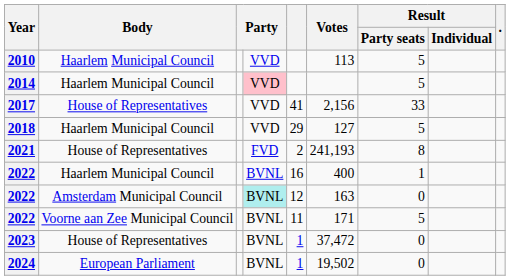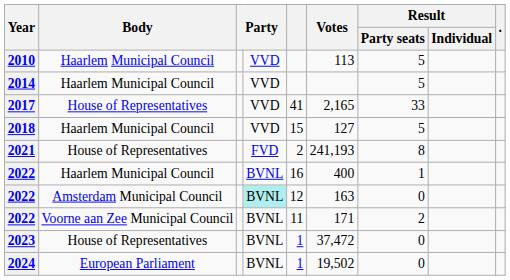 <table class="wikitable plainrowheaders sortable" border=2 cellpadding=4 cellspacing=0 style="border: 1px #aaa solid; font-size: 90%; text-align:center;">
 <tr>
 <th scope="col" rowspan=2>Year</th>
 <th scope="col" rowspan=2>Body</th>
 <th scope="col" colspan=2 rowspan=2>Party</th>
 <th scope="col" rowspan=2></th>
 <th scope="col" rowspan=2>Votes</th>
 <th scope="colgroup" colspan=2>Result</th>
 <th scope="col" rowspan=2 class="unsortable">.</th>
 </tr>
 <tr>
 <th scope="col">Party seats</th>
 <th scope="col">Individual</th>
 </tr>
 <tr>
 <th scope="row"><a href='#'>2010</a></th>
 <td><a href='#'>Haarlem</a> <a href='#'>Municipal Council</a></td>
 <td style="background-color:"></td>
 <td><a href='#'>VVD</a></td>
 <td style=text-align:right></td>
 <td style=text-align:right>113</td>
 <td style=text-align:right>5</td>
 <td></td>
 <td></td>
 </tr>
 <tr>
 <th scope="row"><a href='#'>2014</a></th>
 <td>Haarlem Municipal Council</td>
 <td style="background-color:"></td>
-<td style="background: pink;">VVD</td>
+<td>VVD</td>
 <td style=text-align:right></td>
 <td style=text-align:right></td>
 <td style=text-align:right>5</td>
 <td></td>
 <td></td>
 </tr>
 <tr>
 <th scope="row"><a href='#'>2017</a></th>
 <td><a href='#'>House of Representatives</a></td>
 <td style="background-color:"></td>
 <td>VVD</td>
 <td style=text-align:right>41</td>
-<td style=text-align:right>2,156</td>
+<td style=text-align:right>2,165</td>
 <td style=text-align:right>33</td>
 <td></td>
 <td></td>
 </tr>
 <tr>
 <th scope="row"><a href='#'>2018</a></th>
 <td>Haarlem Municipal Council</td>
 <td style="background-color:"></td>
 <td>VVD</td>
-<td style=text-align:right>29</td>
+<td style=text-align:right>15</td>
 <td style=text-align:right>127</td>
 <td style=text-align:right>5</td>
 <td></td>
 <td></td>
 </tr>
 <tr>
 <th scope="row"><a href='#'>2021</a></th>
 <td>House of Representatives</td>
 <td style="background-color:"></td>
 <td><a href='#'>FVD</a></td>
 <td style=text-align:right>2</td>
 <td style=text-align:right>241,193</td>
 <td style=text-align:right>8</td>
 <td></td>
 <td></td>
 </tr>
 <tr>
 <th scope="row"><a href='#'>2022</a></th>
 <td>Haarlem Municipal Council</td>
 <td style="background-color:"></td>
 <td><a href='#'>BVNL</a></td>
 <td style=text-align:right>16</td>
 <td style=text-align:right>400</td>
 <td style=text-align:right>1</td>
 <td></td>
 <td></td>
 </tr>
 <tr>
 <th scope="row"><a href='#'>2022</a></th>
 <td><a href='#'>Amsterdam</a> Municipal Council</td>
 <td style="background-color:"></td>
 <td style="background: paleturquoise;">BVNL</td>
 <td style=text-align:right>12</td>
 <td style=text-align:right>163</td>
 <td style=text-align:right>0</td>
 <td></td>
 <td></td>
 </tr>
 <tr>
 <th scope="row"><a href='#'>2022</a></th>
 <td><a href='#'>Voorne aan Zee</a> Municipal Council</td>
 <td style="background-color:"></td>
 <td>BVNL</td>
 <td style=text-align:right>11</td>
 <td style=text-align:right>171</td>
-<td style=text-align:right>5</td>
+<td style=text-align:right>2</td>
 <td></td>
 <td></td>
 </tr>
 <tr>
 <th scope="row"><a href='#'>2023</a></th>
 <td>House of Representatives</td>
 <td style="background-color:"></td>
 <td>BVNL</td>
 <td style=text-align:right><a href='#'>1</a></td>
 <td style=text-align:right>37,472</td>
 <td style=text-align:right>0</td>
 <td></td>
 <td></td>
 </tr>
 <tr>
 <th scope="row"><a href='#'>2024</a></th>
 <td><a href='#'>European Parliament</a></td>
 <td style="background-color:"></td>
 <td>BVNL</td>
 <td style=text-align:right><a href='#'>1</a></td>
 <td style=text-align:right>19,502</td>
 <td style=text-align:right>0</td>
 <td></td>
 <td></td>
 </tr>
 </table>
